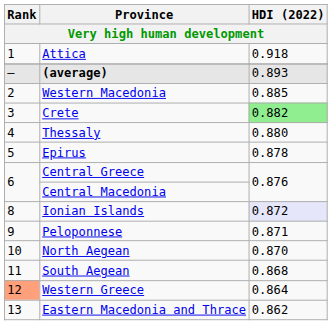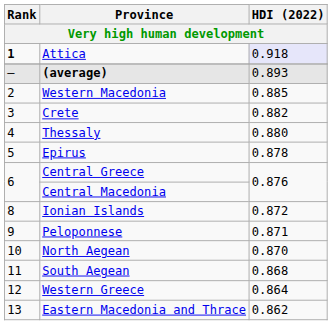 <table class="wikitable sortable">
 <tr>
 <th>Rank</th>
 <th>Province</th>
 <th>HDI (2022)</th>
 </tr>
 <tr>
 <th colspan="3" style="color:#090;">Very high human development</th>
 </tr>
 <tr>
-<td>1</td>
+<td><strong>1</strong></td>
 <td style="text-align:left"><a href='#'>Attica</a></td>
-<td>0.918</td>
+<td style="background: lavender;">0.918</td>
 </tr>
 <tr>
 </tr>
 <tr style="background:#e6e6e6">
 <td>–</td>
 <td style="text-align:left"><strong> (average)</strong></td>
 <td>0.893</td>
 </tr>
 <tr>
 <td>2</td>
 <td style="text-align:left"><a href='#'>Western Macedonia</a></td>
 <td>0.885</td>
 </tr>
 <tr>
 <td>3</td>
 <td style="text-align:left"><a href='#'>Crete</a></td>
-<td style="background: lightgreen;">0.882</td>
+<td>0.882</td>
 </tr>
 <tr>
 <td>4</td>
 <td style="text-align:left"><a href='#'>Thessaly</a></td>
 <td>0.880</td>
 </tr>
 <tr>
 <td>5</td>
 <td style="text-align:left"><a href='#'>Epirus</a></td>
 <td>0.878</td>
 </tr>
 <tr>
 <td rowspan="2">6</td>
 <td style="text-align:left"><a href='#'>Central Greece</a></td>
 <td rowspan="2">0.876</td>
 </tr>
 <tr>
 <td style="text-align:left"><a href='#'>Central Macedonia</a></td>
 </tr>
 <tr>
 <td>8</td>
 <td style="text-align:left"><a href='#'>Ionian Islands</a></td>
-<td style="background: lavender;">0.872</td>
+<td>0.872</td>
 </tr>
 <tr>
 <td>9</td>
 <td style="text-align:left"><a href='#'>Peloponnese</a></td>
 <td>0.871</td>
 </tr>
 <tr>
 <td>10</td>
 <td style="text-align:left"><a href='#'>North Aegean</a></td>
 <td>0.870</td>
 </tr>
 <tr>
 <td>11</td>
 <td style="text-align:left"><a href='#'>South Aegean</a></td>
 <td>0.868</td>
 </tr>
 <tr>
-<td style="background: lightsalmon;">12</td>
+<td>12</td>
 <td style="text-align:left"><a href='#'>Western Greece</a></td>
 <td>0.864</td>
 </tr>
 <tr>
 <td>13</td>
 <td style="text-align:left"><a href='#'>Eastern Macedonia and Thrace</a></td>
 <td>0.862</td>
 </tr>
 </table>
